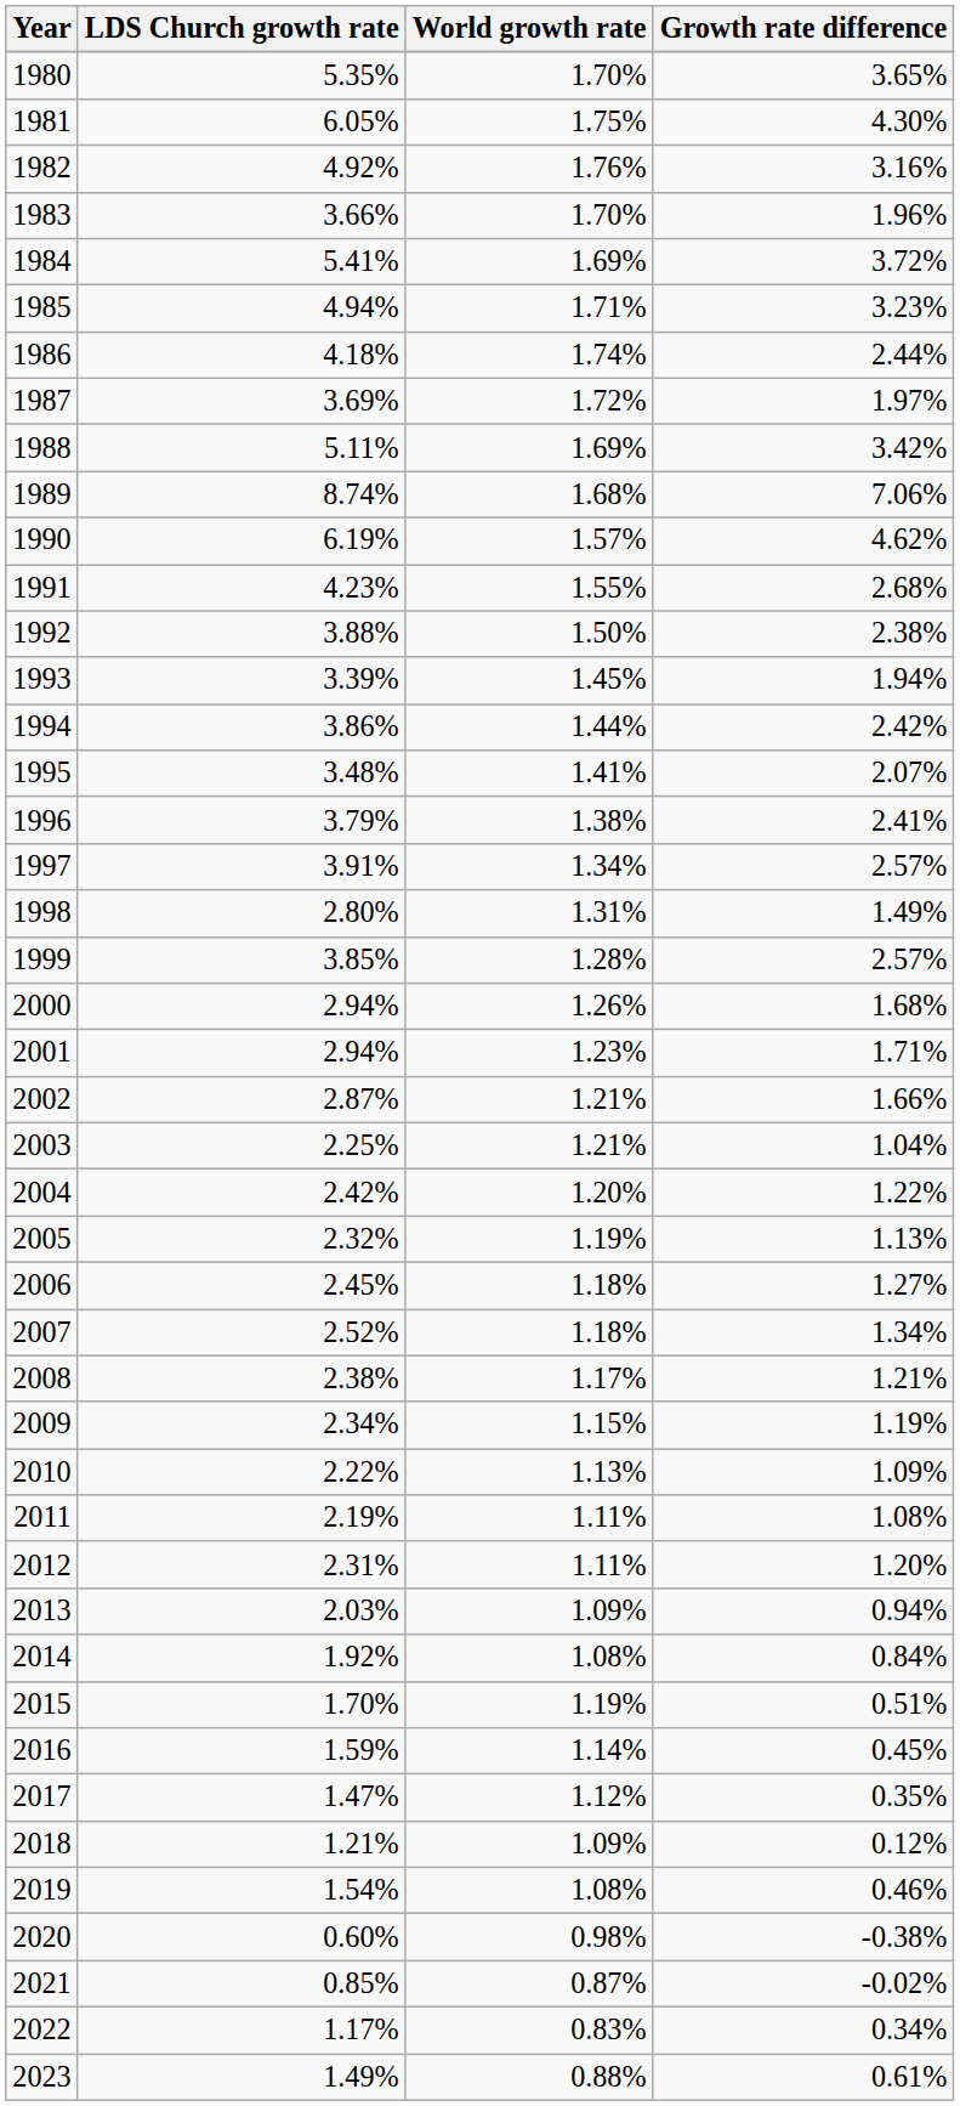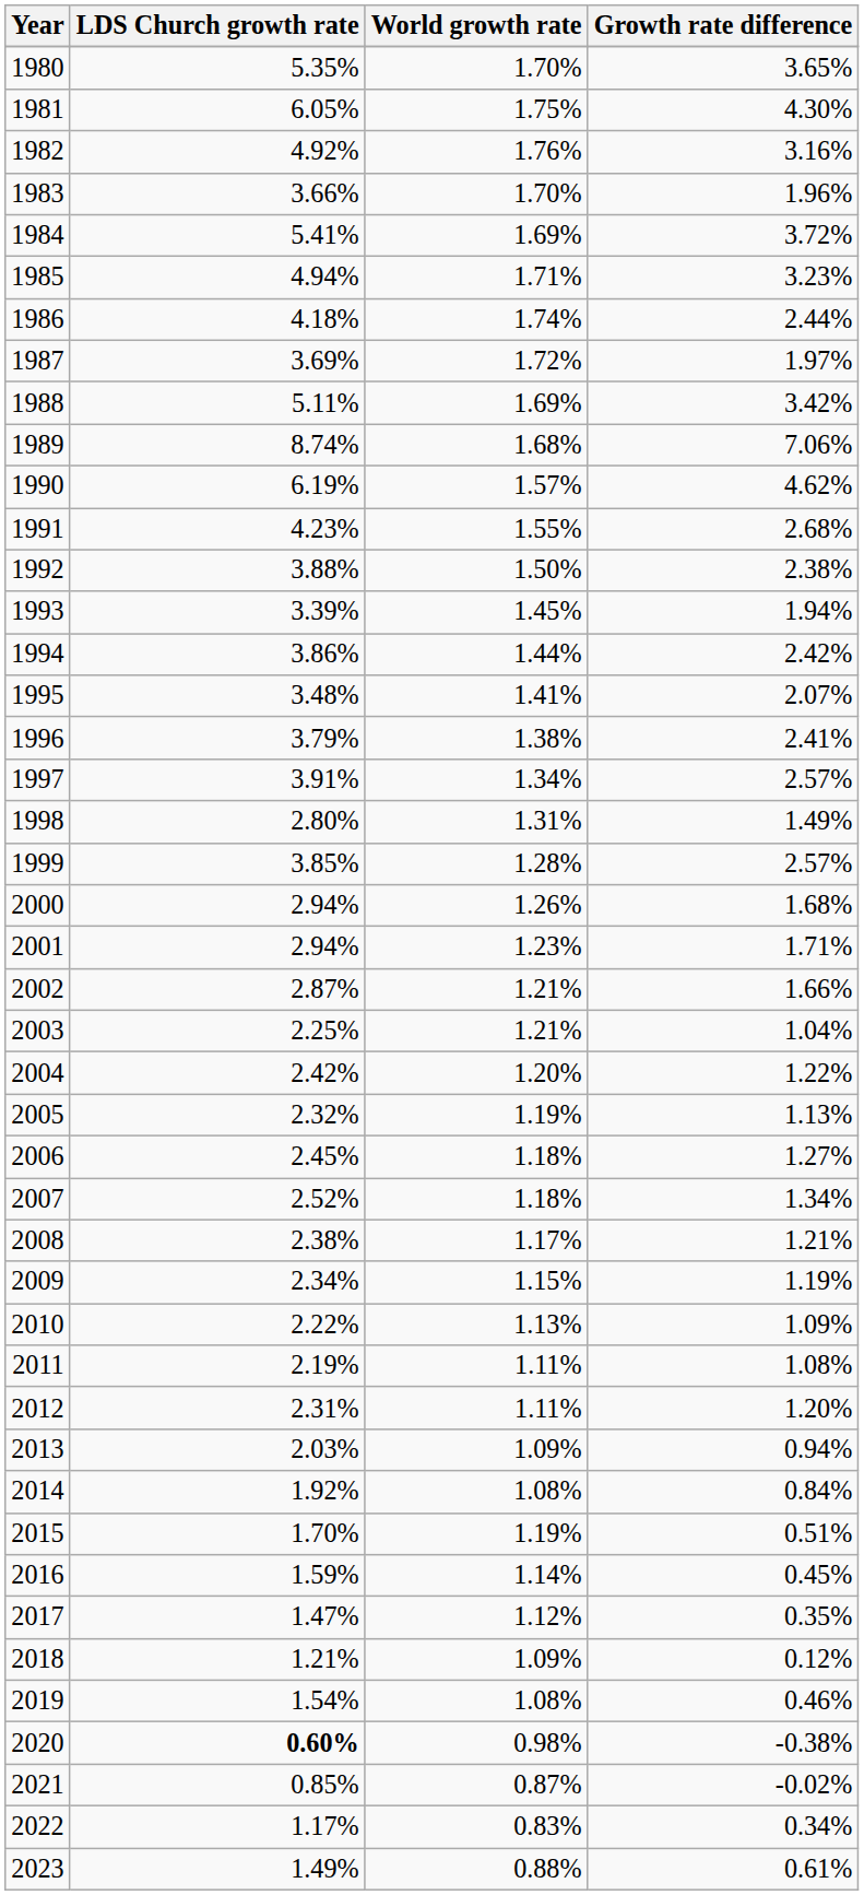 <table class="wikitable sortable" style="text-align:right">
 <tr>
 <th>Year</th>
 <th>LDS Church growth rate</th>
 <th>World growth rate</th>
 <th>Growth rate difference</th>
 </tr>
 <tr>
 </tr>
 <tr>
 <td>1980</td>
 <td>5.35%</td>
 <td>1.70%</td>
 <td>3.65%</td>
 </tr>
 <tr>
 <td>1981</td>
 <td>6.05%</td>
 <td>1.75%</td>
 <td>4.30%</td>
 </tr>
 <tr>
 <td>1982</td>
 <td>4.92%</td>
 <td>1.76%</td>
 <td>3.16%</td>
 </tr>
 <tr>
 <td>1983</td>
 <td>3.66%</td>
 <td>1.70%</td>
 <td>1.96%</td>
 </tr>
 <tr>
 <td>1984</td>
 <td>5.41%</td>
 <td>1.69%</td>
 <td>3.72%</td>
 </tr>
 <tr>
 <td>1985</td>
 <td>4.94%</td>
 <td>1.71%</td>
 <td>3.23%</td>
 </tr>
 <tr>
 <td>1986</td>
 <td>4.18%</td>
 <td>1.74%</td>
 <td>2.44%</td>
 </tr>
 <tr>
 <td>1987</td>
 <td>3.69%</td>
 <td>1.72%</td>
 <td>1.97%</td>
 </tr>
 <tr>
 <td>1988</td>
 <td>5.11%</td>
 <td>1.69%</td>
 <td>3.42%</td>
 </tr>
 <tr>
 <td>1989</td>
 <td>8.74%</td>
 <td>1.68%</td>
 <td>7.06%</td>
 </tr>
 <tr>
 <td>1990</td>
 <td>6.19%</td>
 <td>1.57%</td>
 <td>4.62%</td>
 </tr>
 <tr>
 <td>1991</td>
 <td>4.23%</td>
 <td>1.55%</td>
 <td>2.68%</td>
 </tr>
 <tr>
 <td>1992</td>
 <td>3.88%</td>
 <td>1.50%</td>
 <td>2.38%</td>
 </tr>
 <tr>
 <td>1993</td>
 <td>3.39%</td>
 <td>1.45%</td>
 <td>1.94%</td>
 </tr>
 <tr>
 <td>1994</td>
 <td>3.86%</td>
 <td>1.44%</td>
 <td>2.42%</td>
 </tr>
 <tr>
 <td>1995</td>
 <td>3.48%</td>
 <td>1.41%</td>
 <td>2.07%</td>
 </tr>
 <tr>
 <td>1996</td>
 <td>3.79%</td>
 <td>1.38%</td>
 <td>2.41%</td>
 </tr>
 <tr>
 <td>1997</td>
 <td>3.91%</td>
 <td>1.34%</td>
 <td>2.57%</td>
 </tr>
 <tr>
 <td>1998</td>
 <td>2.80%</td>
 <td>1.31%</td>
 <td>1.49%</td>
 </tr>
 <tr>
 <td>1999</td>
 <td>3.85%</td>
 <td>1.28%</td>
 <td>2.57%</td>
 </tr>
 <tr>
 <td>2000</td>
 <td>2.94%</td>
 <td>1.26%</td>
 <td>1.68%</td>
 </tr>
 <tr>
 <td>2001</td>
 <td>2.94%</td>
 <td>1.23%</td>
 <td>1.71%</td>
 </tr>
 <tr>
 <td>2002</td>
 <td>2.87%</td>
 <td>1.21%</td>
 <td>1.66%</td>
 </tr>
 <tr>
 <td>2003</td>
 <td>2.25%</td>
 <td>1.21%</td>
 <td>1.04%</td>
 </tr>
 <tr>
 <td>2004</td>
 <td>2.42%</td>
 <td>1.20%</td>
 <td>1.22%</td>
 </tr>
 <tr>
 <td>2005</td>
 <td>2.32%</td>
 <td>1.19%</td>
 <td>1.13%</td>
 </tr>
 <tr>
 <td>2006</td>
 <td>2.45%</td>
 <td>1.18%</td>
 <td>1.27%</td>
 </tr>
 <tr>
 <td>2007</td>
 <td>2.52%</td>
 <td>1.18%</td>
 <td>1.34%</td>
 </tr>
 <tr>
 <td>2008</td>
 <td>2.38%</td>
 <td>1.17%</td>
 <td>1.21%</td>
 </tr>
 <tr>
 <td>2009</td>
 <td>2.34%</td>
 <td>1.15%</td>
 <td>1.19%</td>
 </tr>
 <tr>
 <td>2010</td>
 <td>2.22%</td>
 <td>1.13%</td>
 <td>1.09%</td>
 </tr>
 <tr>
 <td>2011</td>
 <td>2.19%</td>
 <td>1.11%</td>
 <td>1.08%</td>
 </tr>
 <tr>
 <td>2012</td>
 <td>2.31%</td>
 <td>1.11%</td>
 <td>1.20%</td>
 </tr>
 <tr>
 <td>2013</td>
 <td>2.03%</td>
 <td>1.09%</td>
 <td>0.94%</td>
 </tr>
 <tr>
 <td>2014</td>
 <td>1.92%</td>
 <td>1.08%</td>
 <td>0.84%</td>
 </tr>
 <tr>
 <td>2015</td>
 <td>1.70%</td>
 <td>1.19%</td>
 <td>0.51%</td>
 </tr>
 <tr>
 <td>2016</td>
 <td>1.59%</td>
 <td>1.14%</td>
 <td>0.45%</td>
 </tr>
 <tr>
 <td>2017</td>
 <td>1.47%</td>
 <td>1.12%</td>
 <td>0.35%</td>
 </tr>
 <tr>
 <td>2018</td>
 <td>1.21%</td>
 <td>1.09%</td>
 <td>0.12%</td>
 </tr>
 <tr>
 <td>2019</td>
 <td>1.54%</td>
 <td>1.08%</td>
 <td>0.46%</td>
 </tr>
 <tr>
 <td>2020</td>
-<td>0.60%</td>
+<td><strong>0.60%</strong></td>
 <td>0.98%</td>
 <td>-0.38%</td>
 </tr>
 <tr>
 <td>2021</td>
 <td>0.85%</td>
 <td>0.87%</td>
 <td>-0.02%</td>
 </tr>
 <tr>
 <td>2022</td>
 <td>1.17%</td>
 <td>0.83%</td>
 <td>0.34%</td>
 </tr>
 <tr>
 <td>2023</td>
 <td>1.49%</td>
 <td>0.88%</td>
 <td>0.61%</td>
 </tr>
 </table>
